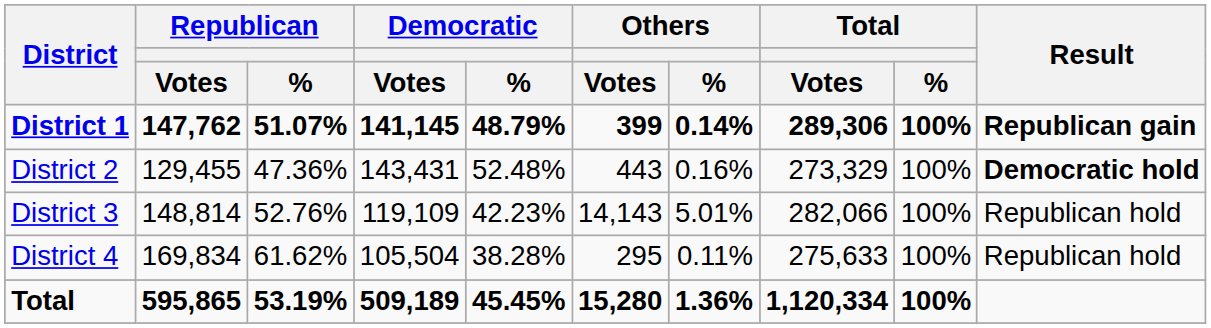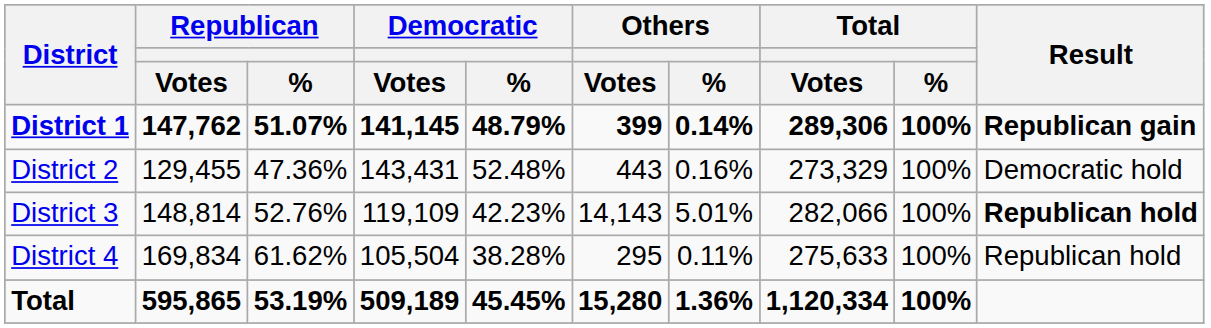 <table class="wikitable plainrowheaders sortable" style="font-size:100%; text-align:right;">
 <tr>
 <th scope=col rowspan=3><a href='#'>District</a></th>
 <th scope=col colspan=2><a href='#'>Republican</a></th>
 <th scope=col colspan=2><a href='#'>Democratic</a></th>
 <th scope=col colspan=2>Others</th>
 <th scope=col colspan=2>Total</th>
 <th scope=col rowspan=3>Result</th>
 </tr>
 <tr>
 <th scope=col colspan=2 style="background:"></th>
 <th scope=col colspan=2 style="background:"></th>
 <th scope=col colspan=2></th>
 <th scope=col colspan=2></th>
 </tr>
 <tr>
 <th scope=col data-sort-type="number">Votes</th>
 <th scope=col data-sort-type="number">%</th>
 <th scope=col data-sort-type="number">Votes</th>
 <th scope=col data-sort-type="number">%</th>
 <th scope=col data-sort-type="number">Votes</th>
 <th scope=col data-sort-type="number">%</th>
 <th scope=col data-sort-type="number">Votes</th>
 <th scope=col data-sort-type="number">%</th>
 </tr>
 <tr>
 <td align=left><strong><a href='#'>District 1</a></strong></td>
 <td><strong>147,762</strong></td>
 <td><strong>51.07%</strong></td>
 <td><strong>141,145</strong></td>
 <td><strong>48.79%</strong></td>
 <td><strong>399</strong></td>
 <td><strong>0.14%</strong></td>
 <td><strong>289,306</strong></td>
 <td><strong>100%</strong></td>
 <td align=left><strong>Republican gain</strong></td>
 </tr>
 <tr>
 <td align=left><a href='#'>District 2</a></td>
 <td>129,455</td>
 <td>47.36%</td>
 <td>143,431</td>
 <td>52.48%</td>
 <td>443</td>
 <td>0.16%</td>
 <td>273,329</td>
 <td>100%</td>
-<td align=left><strong>Democratic hold</strong></td>
+<td align=left>Democratic hold</td>
 </tr>
 <tr>
 <td align=left><a href='#'>District 3</a></td>
 <td>148,814</td>
 <td>52.76%</td>
 <td>119,109</td>
 <td>42.23%</td>
 <td>14,143</td>
 <td>5.01%</td>
 <td>282,066</td>
 <td>100%</td>
-<td align=left>Republican hold</td>
+<td align=left><strong>Republican hold</strong></td>
 </tr>
 <tr>
 <td align=left><a href='#'>District 4</a></td>
 <td>169,834</td>
 <td>61.62%</td>
 <td>105,504</td>
 <td>38.28%</td>
 <td>295</td>
 <td>0.11%</td>
 <td>275,633</td>
 <td>100%</td>
 <td align=left>Republican hold</td>
 </tr>
 <tr class="sortbottom" style="font-weight:bold">
 <td align=left>Total</td>
 <td>595,865</td>
 <td>53.19%</td>
 <td>509,189</td>
 <td>45.45%</td>
 <td>15,280</td>
 <td>1.36%</td>
 <td>1,120,334</td>
 <td>100%</td>
 <td></td>
 </tr>
 </table>
